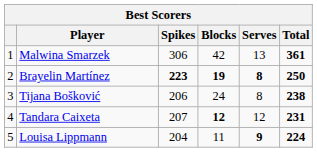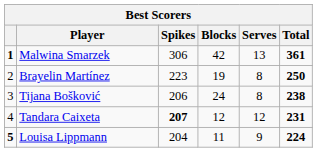 <table class="wikitable sortable" style=font-size:90%>
 <tr>
 <th colspan=6>Best Scorers</th>
 </tr>
 <tr>
 <th></th>
 <th width=158>Player</th>
 <th width=20>Spikes</th>
 <th width=20>Blocks</th>
 <th width=20>Serves</th>
 <th width=20>Total</th>
 </tr>
 <tr>
-<td>1</td>
+<td><strong>1</strong></td>
 <td> <a href='#'>Malwina Smarzek</a></td>
 <td align=center>306</td>
 <td align=center>42</td>
 <td align=center>13</td>
 <td align=center><strong>361</strong></td>
 </tr>
 <tr>
 <td>2</td>
 <td> <a href='#'>Brayelin Martínez</a></td>
-<td align=center><strong>223</strong></td>
-<td align=center><strong>19</strong></td>
-<td align=center><strong>8</strong></td>
+<td align=center>223</td>
+<td align=center>19</td>
+<td align=center>8</td>
 <td align=center><strong>250</strong></td>
 </tr>
 <tr>
 <td>3</td>
 <td> <a href='#'>Tijana Bošković</a></td>
 <td align=center>206</td>
 <td align=center>24</td>
 <td align=center>8</td>
 <td align=center><strong>238</strong></td>
 </tr>
 <tr>
 <td>4</td>
 <td> <a href='#'>Tandara Caixeta</a></td>
-<td align=center>207</td>
-<td align=center><strong>12</strong></td>
+<td align=center><strong>207</strong></td>
+<td align=center>12</td>
 <td align=center>12</td>
 <td align=center><strong>231</strong></td>
 </tr>
 <tr>
-<td>5</td>
+<td><strong>5</strong></td>
 <td> <a href='#'>Louisa Lippmann</a></td>
 <td align=center>204</td>
 <td align=center>11</td>
-<td align=center><strong>9</strong></td>
+<td align=center>9</td>
 <td align=center><strong>224</strong></td>
 </tr>
 </table>
